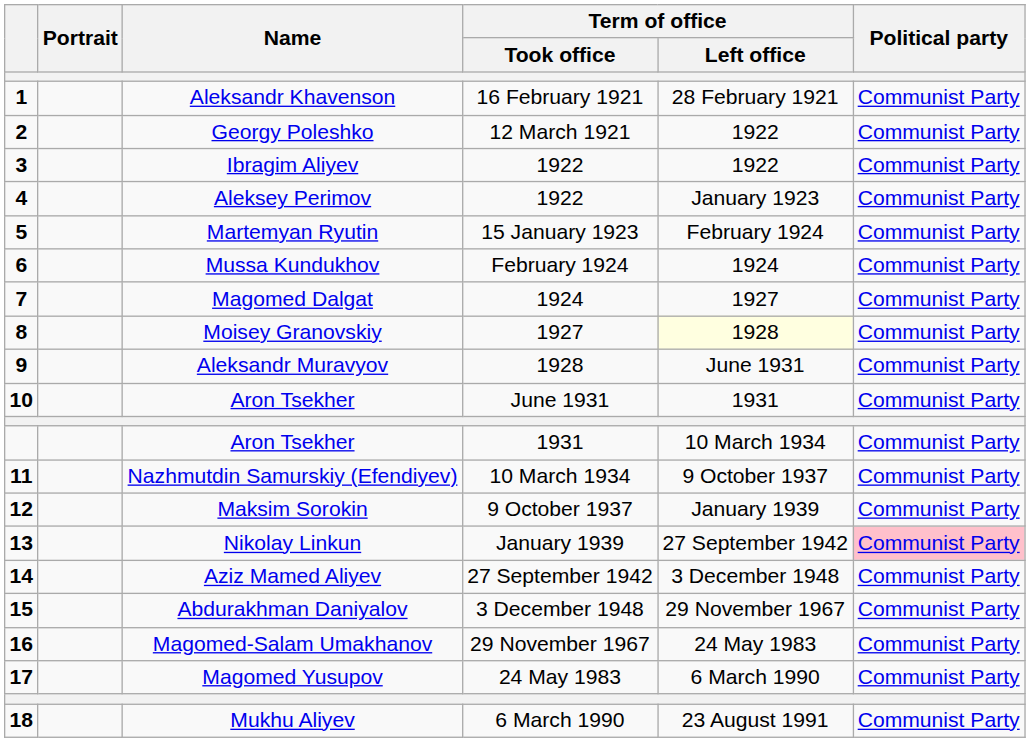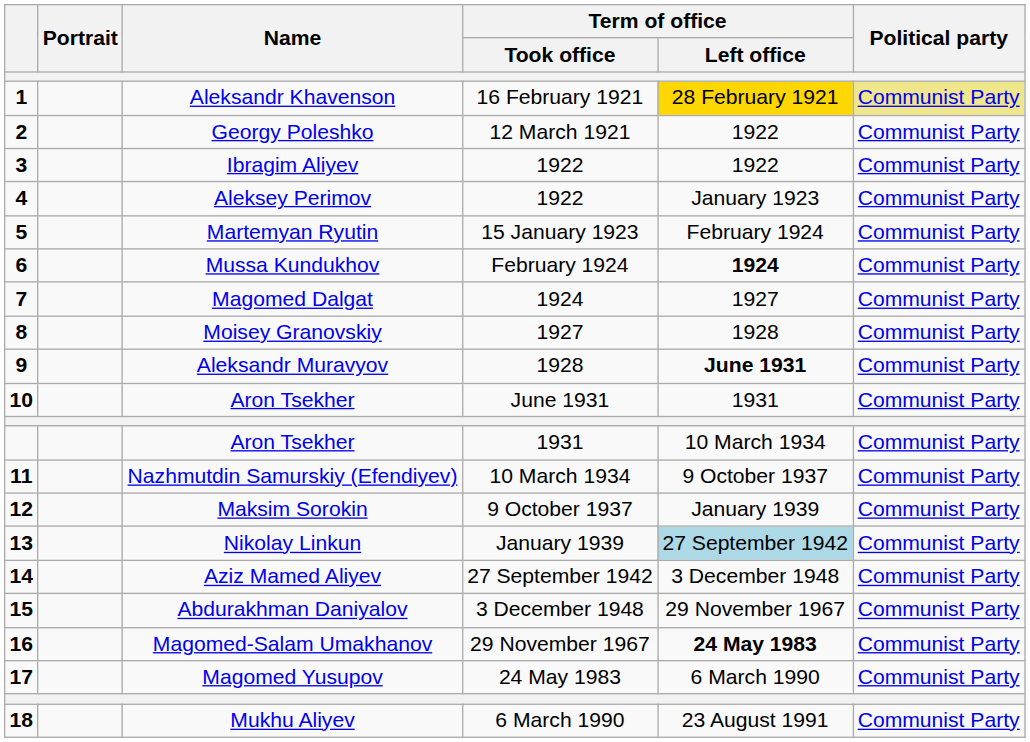 <table class="wikitable" style="text-align:center">
 <tr>
 <th rowspan=2></th>
 <th rowspan=2>Portrait</th>
 <th rowspan=2>Name<br></th>
 <th colspan=2>Term of office</th>
 <th rowspan=2>Political party</th>
 </tr>
 <tr>
 <th>Took office</th>
 <th>Left office</th>
 </tr>
 <tr>
 <th colspan="6"></th>
 </tr>
 <tr>
 <td style="background: "><strong>1</strong></td>
 <td></td>
 <td><a href='#'>Aleksandr Khavenson</a><br></td>
 <td>16 February 1921</td>
-<td>28 February 1921</td>
-<td><a href='#'>Communist Party</a></td>
+<td style="background: gold;">28 February 1921</td>
+<td style="background: khaki;"><a href='#'>Communist Party</a></td>
 </tr>
 <tr>
 <td style="background: "><strong>2</strong></td>
 <td></td>
 <td><a href='#'>Georgy Poleshko</a><br></td>
 <td>12 March 1921</td>
 <td>1922</td>
 <td><a href='#'>Communist Party</a></td>
 </tr>
 <tr>
 <td style="background: "><strong>3</strong></td>
 <td></td>
 <td><a href='#'>Ibragim Aliyev</a><br></td>
 <td>1922</td>
 <td>1922</td>
 <td><a href='#'>Communist Party</a></td>
 </tr>
 <tr>
 <td style="background: "><strong>4</strong></td>
 <td></td>
 <td><a href='#'>Aleksey Perimov</a><br></td>
 <td>1922</td>
 <td>January 1923</td>
 <td><a href='#'>Communist Party</a></td>
 </tr>
 <tr>
 <td style="background: "><strong>5</strong></td>
 <td></td>
 <td><a href='#'>Martemyan Ryutin</a><br></td>
 <td>15 January 1923</td>
 <td>February 1924</td>
 <td><a href='#'>Communist Party</a></td>
 </tr>
 <tr>
 <td style="background: "><strong>6</strong></td>
 <td></td>
 <td><a href='#'>Mussa Kundukhov</a><br></td>
 <td>February 1924</td>
-<td>1924</td>
+<td><strong>1924</strong></td>
 <td><a href='#'>Communist Party</a></td>
 </tr>
 <tr>
 <td style="background: "><strong>7</strong></td>
 <td></td>
 <td><a href='#'>Magomed Dalgat</a><br></td>
 <td>1924</td>
 <td>1927</td>
 <td><a href='#'>Communist Party</a></td>
 </tr>
 <tr>
 <td style="background: "><strong>8</strong></td>
 <td></td>
 <td><a href='#'>Moisey Granovskiy</a><br></td>
 <td>1927</td>
-<td style="background: lightyellow;">1928</td>
+<td>1928</td>
 <td><a href='#'>Communist Party</a></td>
 </tr>
 <tr>
 <td style="background: "><strong>9</strong></td>
 <td></td>
 <td><a href='#'>Aleksandr Muravyov</a><br></td>
 <td>1928</td>
-<td>June 1931</td>
+<td><strong>June 1931</strong></td>
 <td><a href='#'>Communist Party</a></td>
 </tr>
 <tr>
 <td style="background: "><strong>10</strong></td>
 <td></td>
 <td><a href='#'>Aron Tsekher</a><br></td>
 <td>June 1931</td>
 <td>1931</td>
 <td><a href='#'>Communist Party</a></td>
 </tr>
 <tr>
 <th colspan="6"></th>
 </tr>
 <tr>
 <td style="background: "><strong></strong></td>
 <td></td>
 <td><a href='#'>Aron Tsekher</a><br></td>
 <td>1931</td>
 <td>10 March 1934</td>
 <td><a href='#'>Communist Party</a></td>
 </tr>
 <tr>
 <td style="background: "><strong>11</strong></td>
 <td></td>
 <td><a href='#'>Nazhmutdin Samurskiy (Efendiyev)</a><br></td>
 <td>10 March 1934</td>
 <td>9 October 1937</td>
 <td><a href='#'>Communist Party</a></td>
 </tr>
 <tr>
 <td style="background: "><strong>12</strong></td>
 <td></td>
 <td><a href='#'>Maksim Sorokin</a><br></td>
 <td>9 October 1937</td>
 <td>January 1939</td>
 <td><a href='#'>Communist Party</a></td>
 </tr>
 <tr>
 <td style="background: "><strong>13</strong></td>
 <td></td>
 <td><a href='#'>Nikolay Linkun</a><br></td>
 <td>January 1939</td>
-<td>27 September 1942</td>
-<td style="background: pink;"><a href='#'>Communist Party</a></td>
+<td style="background: lightblue;">27 September 1942</td>
+<td><a href='#'>Communist Party</a></td>
 </tr>
 <tr>
 <td style="background: "><strong>14</strong></td>
 <td></td>
 <td><a href='#'>Aziz Mamed Aliyev</a><br></td>
 <td>27 September 1942</td>
 <td>3 December 1948</td>
 <td><a href='#'>Communist Party</a></td>
 </tr>
 <tr>
 <td style="background: "><strong>15</strong></td>
 <td></td>
 <td><a href='#'>Abdurakhman Daniyalov</a><br></td>
 <td>3 December 1948</td>
 <td>29 November 1967</td>
 <td><a href='#'>Communist Party</a></td>
 </tr>
 <tr>
 <td style="background: "><strong>16</strong></td>
 <td></td>
 <td><a href='#'>Magomed-Salam Umakhanov</a><br></td>
 <td>29 November 1967</td>
-<td>24 May 1983</td>
+<td><strong>24 May 1983</strong></td>
 <td><a href='#'>Communist Party</a></td>
 </tr>
 <tr>
 <td style="background: "><strong>17</strong></td>
 <td></td>
 <td><a href='#'>Magomed Yusupov</a><br></td>
 <td>24 May 1983</td>
 <td>6 March 1990</td>
 <td><a href='#'>Communist Party</a></td>
 </tr>
 <tr>
 <th colspan="6"></th>
 </tr>
 <tr>
 <td style="background: "><strong>18</strong></td>
 <td></td>
 <td><a href='#'>Mukhu Aliyev</a><br></td>
 <td>6 March 1990</td>
 <td>23 August 1991</td>
 <td><a href='#'>Communist Party</a></td>
 </tr>
 </table>
